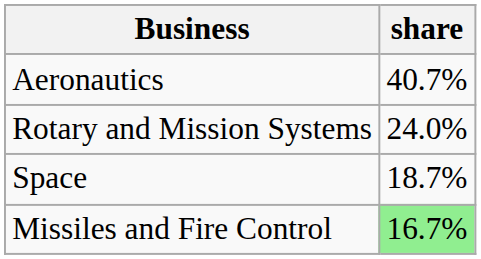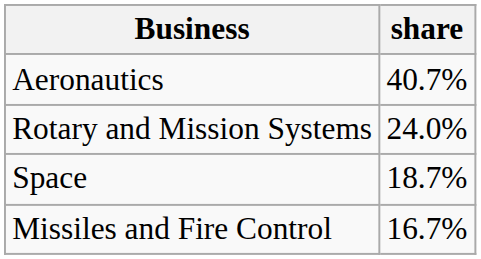 <table class="wikitable floatright">
 <tr>
 <th>Business</th>
 <th>share</th>
 </tr>
 <tr>
 <td>Aeronautics</td>
 <td>40.7%</td>
 </tr>
 <tr>
 <td>Rotary and Mission Systems</td>
 <td>24.0%</td>
 </tr>
 <tr>
 <td>Space</td>
 <td>18.7%</td>
 </tr>
 <tr>
 <td>Missiles and Fire Control</td>
-<td style="background: lightgreen;">16.7%</td>
+<td>16.7%</td>
 </tr>
 </table>
